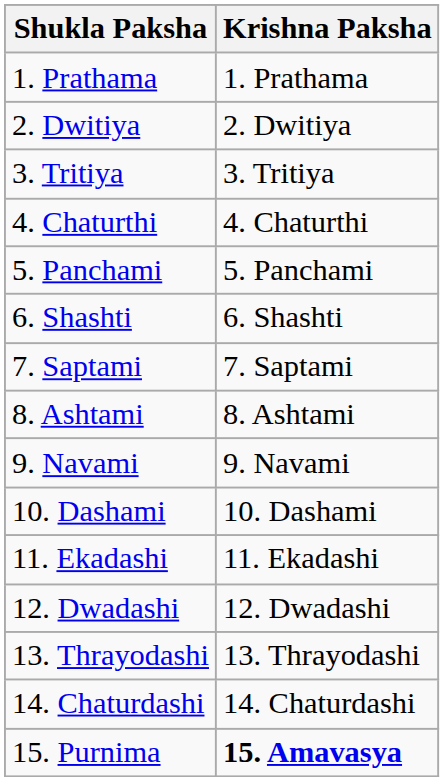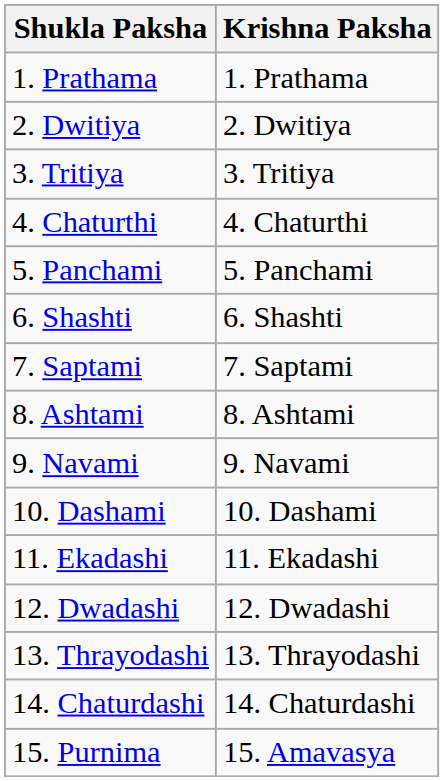 <table class="wikitable">
 <tr>
 <th>Shukla Paksha</th>
 <th>Krishna Paksha</th>
 </tr>
 <tr>
 <td>1. <a href='#'>Prathama</a></td>
 <td>1. Prathama</td>
 </tr>
 <tr>
 <td>2. <a href='#'>Dwitiya</a></td>
 <td>2. Dwitiya</td>
 </tr>
 <tr>
 <td>3. <a href='#'>Tritiya</a></td>
 <td>3. Tritiya</td>
 </tr>
 <tr>
 <td>4. <a href='#'>Chaturthi</a></td>
 <td>4. Chaturthi</td>
 </tr>
 <tr>
 <td>5. <a href='#'>Panchami</a></td>
 <td>5. Panchami</td>
 </tr>
 <tr>
 <td>6. <a href='#'>Shashti</a></td>
 <td>6. Shashti</td>
 </tr>
 <tr>
 <td>7. <a href='#'>Saptami</a></td>
 <td>7. Saptami</td>
 </tr>
 <tr>
 <td>8. <a href='#'>Ashtami</a></td>
 <td>8. Ashtami</td>
 </tr>
 <tr>
 <td>9. <a href='#'>Navami</a></td>
 <td>9. Navami</td>
 </tr>
 <tr>
 <td>10. <a href='#'>Dashami</a></td>
 <td>10. Dashami</td>
 </tr>
 <tr>
 <td>11. <a href='#'>Ekadashi</a></td>
 <td>11. Ekadashi</td>
 </tr>
 <tr>
 <td>12. <a href='#'>Dwadashi</a></td>
 <td>12. Dwadashi</td>
 </tr>
 <tr>
 <td>13. <a href='#'>Thrayodashi</a></td>
 <td>13. Thrayodashi</td>
 </tr>
 <tr>
 <td>14. <a href='#'>Chaturdashi</a></td>
 <td>14. Chaturdashi</td>
 </tr>
 <tr>
 <td>15. <a href='#'>Purnima</a></td>
-<td><strong>15. <a href='#'>Amavasya</a></strong></td>
+<td>15. <a href='#'>Amavasya</a></td>
 </tr>
 </table>
